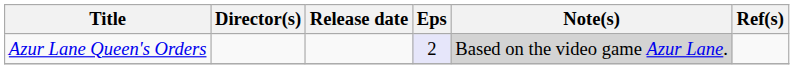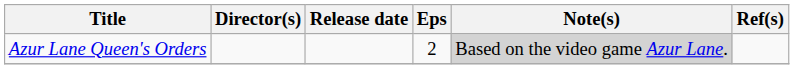 <table class="wikitable sortable">
 <tr>
 <th scope="col">Title</th>
 <th scope="col">Director(s)</th>
 <th scope="col">Release date</th>
 <th scope="col" class="unsortable">Eps</th>
 <th scope="col" class="unsortable">Note(s)</th>
 <th scope="col" class="unsortable">Ref(s)</th>
 </tr>
 <tr>
 <td><em><a href='#'>Azur Lane Queen's Orders</a></em></td>
 <td></td>
 <td></td>
-<td style="background: lavender; text-align:center">2</td>
+<td style="text-align:center">2</td>
 <td style="background: lightgrey;">Based on the video game <em><a href='#'>Azur Lane</a></em>.</td>
 <td style="text-align:center"></td>
 </tr>
 <tr>
 </tr>
 </table>
